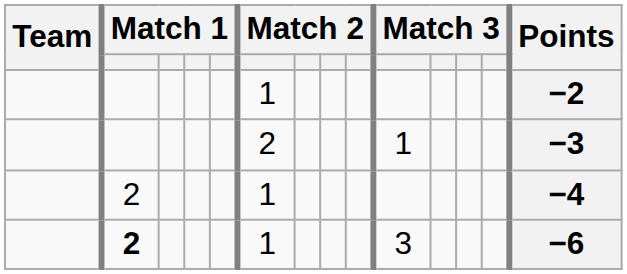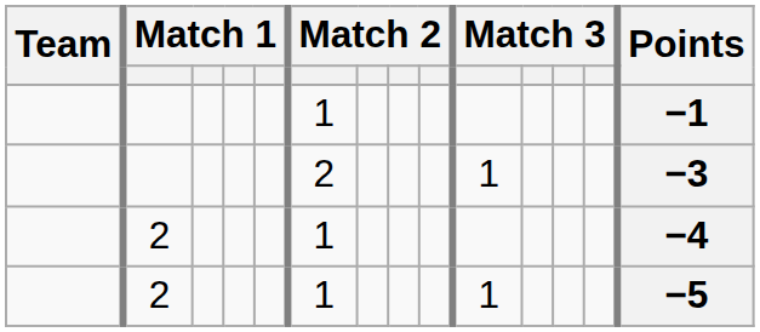 <table class="wikitable sortable" style="text-align:center;">
 <tr>
 <th rowspan=2>Team</th>
 <th colspan=4 style="border-left:3px solid gray">Match 1</th>
 <th colspan=4 style="border-left:3px solid gray">Match 2</th>
 <th colspan=4 style="border-left:3px solid gray">Match 3</th>
 <th rowspan=2 style="border-left:3px solid gray">Points</th>
 </tr>
 <tr>
 <th style="border-left:3px solid gray"></th>
 <th></th>
 <th></th>
 <th></th>
 <th style="border-left:3px solid gray"></th>
 <th></th>
 <th></th>
 <th></th>
 <th style="border-left:3px solid gray"></th>
 <th></th>
 <th></th>
 <th></th>
 </tr>
 <tr>
 <td align=left></td>
 <td style="border-left:3px solid gray"></td>
 <td></td>
 <td></td>
 <td></td>
 <td style="border-left:3px solid gray">1</td>
 <td></td>
 <td></td>
 <td></td>
 <td style="border-left:3px solid gray"></td>
 <td></td>
 <td></td>
 <td></td>
-<th style="border-left:3px solid gray">−2</th>
+<th style="border-left:3px solid gray">−1</th>
 </tr>
 <tr>
 <td align=left></td>
 <td style="border-left:3px solid gray"></td>
 <td></td>
 <td></td>
 <td></td>
 <td style="border-left:3px solid gray">2</td>
 <td></td>
 <td></td>
 <td></td>
 <td style="border-left:3px solid gray">1</td>
 <td></td>
 <td></td>
 <td></td>
 <th style="border-left:3px solid gray">−3</th>
 </tr>
 <tr>
 <td align=left></td>
 <td style="border-left:3px solid gray">2</td>
 <td></td>
 <td></td>
 <td></td>
 <td style="border-left:3px solid gray">1</td>
 <td></td>
 <td></td>
 <td></td>
 <td style="border-left:3px solid gray"></td>
 <td></td>
 <td></td>
 <td></td>
 <th style="border-left:3px solid gray">−4</th>
 </tr>
 <tr>
 <td align=left></td>
-<td style="border-left:3px solid gray"><strong>2</strong></td>
+<td style="border-left:3px solid gray">2</td>
 <td></td>
 <td></td>
 <td></td>
 <td style="border-left:3px solid gray">1</td>
 <td></td>
 <td></td>
 <td></td>
-<td style="border-left:3px solid gray">3</td>
+<td style="border-left:3px solid gray">1</td>
 <td></td>
 <td></td>
 <td></td>
-<th style="border-left:3px solid gray">−6</th>
+<th style="border-left:3px solid gray">−5</th>
 </tr>
 </table>
